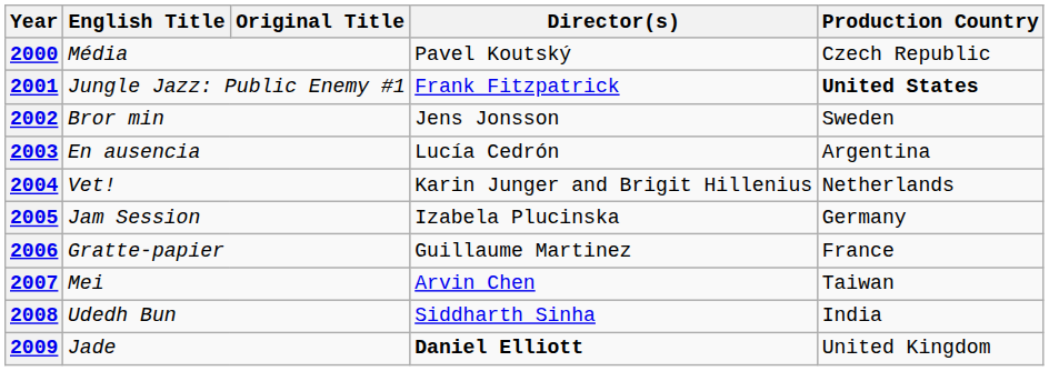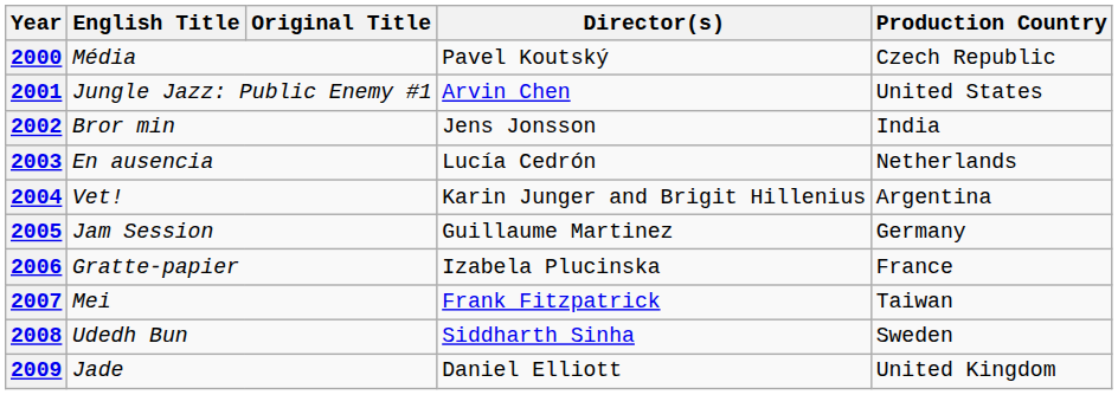 <table class="wikitable">
 <tr>
 <th>Year</th>
 <th>English Title</th>
 <th>Original Title</th>
 <th>Director(s)</th>
 <th>Production Country</th>
 </tr>
 <tr>
 <th><a href='#'>2000</a></th>
 <td colspan="2"><em>Média</em></td>
 <td>Pavel Koutský</td>
 <td>Czech Republic</td>
 </tr>
 <tr>
 <th><a href='#'>2001</a></th>
 <td colspan="2"><em>Jungle Jazz: Public Enemy #1</em></td>
-<td><a href='#'>Frank Fitzpatrick</a></td>
-<td><strong>United States</strong></td>
+<td><a href='#'>Arvin Chen</a></td>
+<td>United States</td>
 </tr>
 <tr>
 <th><a href='#'>2002</a></th>
 <td colspan="2"><em>Bror min</em></td>
 <td>Jens Jonsson</td>
-<td>Sweden</td>
+<td>India</td>
 </tr>
 <tr>
 <th><a href='#'>2003</a></th>
 <td colspan="2"><em>En ausencia</em></td>
 <td>Lucía Cedrón</td>
-<td>Argentina</td>
+<td>Netherlands</td>
 </tr>
 <tr>
 <th><a href='#'>2004</a></th>
 <td colspan="2"><em>Vet!</em></td>
 <td>Karin Junger and Brigit Hillenius</td>
-<td>Netherlands</td>
+<td>Argentina</td>
 </tr>
 <tr>
 <th><a href='#'>2005</a></th>
 <td colspan="2"><em>Jam Session</em></td>
-<td>Izabela Plucinska</td>
+<td>Guillaume Martinez</td>
 <td>Germany</td>
 </tr>
 <tr>
 <th><a href='#'>2006</a></th>
 <td colspan="2"><em>Gratte-papier</em></td>
-<td>Guillaume Martinez</td>
+<td>Izabela Plucinska</td>
 <td>France</td>
 </tr>
 <tr>
 <th><a href='#'>2007</a></th>
 <td colspan="2"><em>Mei</em></td>
-<td><a href='#'>Arvin Chen</a></td>
+<td><a href='#'>Frank Fitzpatrick</a></td>
 <td>Taiwan</td>
 </tr>
 <tr>
 <th><a href='#'>2008</a></th>
 <td colspan="2"><em>Udedh Bun</em></td>
 <td><a href='#'>Siddharth Sinha</a></td>
-<td>India</td>
+<td>Sweden</td>
 </tr>
 <tr>
 <th><a href='#'>2009</a></th>
 <td colspan="2"><em>Jade</em></td>
-<td><strong>Daniel Elliott</strong></td>
+<td>Daniel Elliott</td>
 <td>United Kingdom</td>
 </tr>
 </table>
